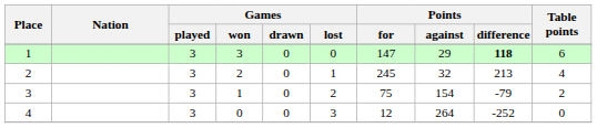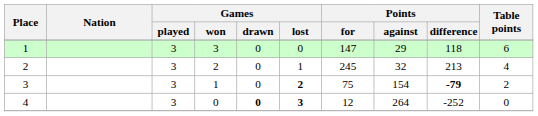 <table class="wikitable">
 <tr>
 <th rowspan=2 width="8%">Place</th>
 <th rowspan=2 width="20%">Nation</th>
 <th colspan=4 width="32%">Games</th>
 <th colspan=3 width="30%">Points</th>
 <th rowspan=2 width="10%">Table<br>points</th>
 </tr>
 <tr>
 <th width="8%">played</th>
 <th width="8%">won</th>
 <th width="8%">drawn</th>
 <th width="8%">lost</th>
 <th width="10%">for</th>
 <th width="10%">against</th>
 <th width="10%">difference</th>
 </tr>
 <tr>
 </tr>
 <tr bgcolor=#ccffcc align=center>
 <td>1</td>
 <td align=left><strong></strong></td>
 <td>3</td>
 <td>3</td>
 <td>0</td>
 <td>0</td>
 <td>147</td>
 <td>29</td>
-<td><strong>118</strong></td>
+<td>118</td>
 <td>6</td>
 </tr>
 <tr bgcolor=#ffffff align=center>
 <td>2</td>
 <td align=left></td>
 <td>3</td>
 <td>2</td>
 <td>0</td>
 <td>1</td>
 <td>245</td>
 <td>32</td>
 <td>213</td>
 <td>4</td>
 </tr>
 <tr bgcolor=#ffffff align=center>
 <td>3</td>
 <td align=left></td>
 <td>3</td>
 <td>1</td>
 <td>0</td>
-<td>2</td>
+<td><strong>2</strong></td>
 <td>75</td>
 <td>154</td>
-<td>-79</td>
+<td><strong>-79</strong></td>
 <td>2</td>
 </tr>
 <tr bgcolor=#ffffff align=center>
 <td>4</td>
 <td align=left></td>
 <td>3</td>
 <td>0</td>
-<td>0</td>
-<td>3</td>
+<td><strong>0</strong></td>
+<td><strong>3</strong></td>
 <td>12</td>
 <td>264</td>
 <td>-252</td>
 <td>0</td>
 </tr>
 <tr bgcolor=#ffcccc align=center>
 </tr>
 </table>
